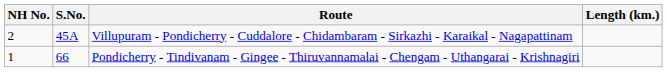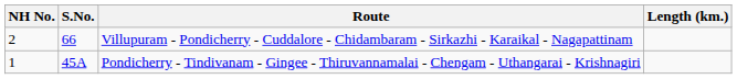 <table class="wikitable">
 <tr>
 <th>NH No.</th>
 <th>S.No.</th>
 <th>Route</th>
 <th>Length (km.)</th>
 </tr>
 <tr>
 <td>2</td>
-<td><a href='#'>45A</a></td>
+<td><a href='#'>66</a></td>
 <td><a href='#'>Villupuram</a> - <a href='#'>Pondicherry</a> - <a href='#'>Cuddalore</a> - <a href='#'>Chidambaram</a> - <a href='#'>Sirkazhi</a> - <a href='#'>Karaikal</a> - <a href='#'>Nagapattinam</a></td>
 <td></td>
 </tr>
 <tr>
 <td>1</td>
-<td><a href='#'>66</a></td>
+<td><a href='#'>45A</a></td>
 <td><a href='#'>Pondicherry</a> - <a href='#'>Tindivanam</a> - <a href='#'>Gingee</a> - <a href='#'>Thiruvannamalai</a> - <a href='#'>Chengam</a> - <a href='#'>Uthangarai</a> - <a href='#'>Krishnagiri</a></td>
 <td></td>
 </tr>
 </table>
